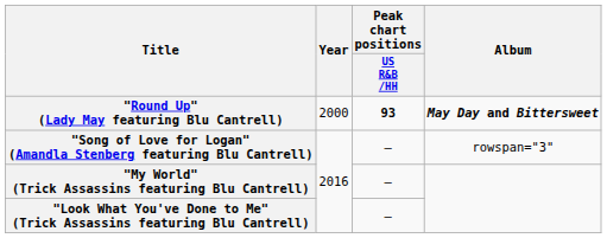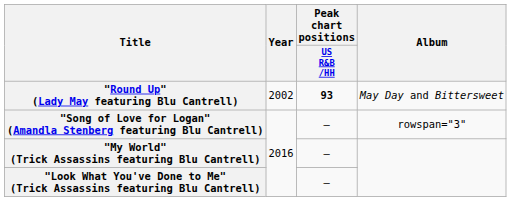 <table class="wikitable plainrowheaders" style="text-align:center;">
 <tr>
 <th scope="col" rowspan="2">Title</th>
 <th scope="col" rowspan="2">Year</th>
 <th scope="col" colspan="1">Peak chart positions</th>
 <th scope="col" rowspan="2">Album</th>
 </tr>
 <tr>
 <th scope="col" style="width:3em;font-size:85%;"><a href='#'>US<br>R&B<br>/HH</a><br></th>
 </tr>
 <tr>
 <th scope="row">"<a href='#'>Round Up</a>"<br><span>(<a href='#'>Lady May</a> featuring Blu Cantrell)</span></th>
-<td>2000</td>
+<td>2002</td>
 <td><strong>93</strong></td>
-<td><strong><em>May Day</em> and <em>Bittersweet</em></strong></td>
+<td><em>May Day</em> and <em>Bittersweet</em></td>
 </tr>
 <tr>
 <th scope="row">"Song of Love for Logan"<br><span>(<a href='#'>Amandla Stenberg</a> featuring Blu Cantrell)</span></th>
 <td rowspan="3">2016</td>
 <td>—</td>
 <td>rowspan="3" </td>
 </tr>
 <tr>
 <th scope="row">"My World"<br><span>(Trick Assassins featuring Blu Cantrell)</span></th>
 <td>—</td>
 </tr>
 <tr>
 <th scope="row">"Look What You've Done to Me"<br><span>(Trick Assassins featuring Blu Cantrell)</span></th>
 <td>—</td>
 </tr>
 </table>
